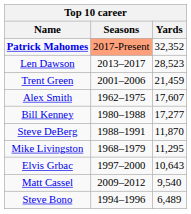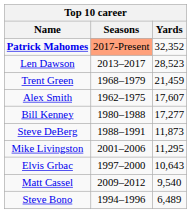 <table class="wikitable" style="text-align:center">
 <tr>
 <th colspan="3"><strong>Top 10 career</strong></th>
 </tr>
 <tr>
 <th><strong>Name</strong></th>
 <th><strong>Seasons</strong></th>
 <th><strong>Yards</strong></th>
 </tr>
 <tr>
 <td><strong><a href='#'>Patrick Mahomes</a></strong></td>
 <td style="background: lightsalmon;">2017-Present</td>
 <td>32,352</td>
 </tr>
 <tr>
 <td><a href='#'>Len Dawson</a></td>
 <td>2013–2017</td>
 <td>28,523</td>
 </tr>
 <tr>
 <td><a href='#'>Trent Green</a></td>
-<td>2001–2006</td>
+<td>1968–1979</td>
 <td>21,459</td>
 </tr>
 <tr>
 <td><a href='#'>Alex Smith</a></td>
 <td>1962–1975</td>
 <td>17,607</td>
 </tr>
 <tr>
 <td><a href='#'>Bill Kenney</a></td>
 <td>1980–1988</td>
 <td>17,277</td>
 </tr>
 <tr>
 <td><a href='#'>Steve DeBerg</a></td>
 <td>1988–1991</td>
-<td>11,870</td>
+<td>11,873</td>
 </tr>
 <tr>
 <td><a href='#'>Mike Livingston</a></td>
-<td>1968–1979</td>
+<td>2001–2006</td>
 <td>11,295</td>
 </tr>
 <tr>
 <td><a href='#'>Elvis Grbac</a></td>
 <td>1997–2000</td>
 <td>10,643</td>
 </tr>
 <tr>
 <td><a href='#'>Matt Cassel</a></td>
 <td>2009–2012</td>
 <td>9,540</td>
 </tr>
 <tr>
 <td><a href='#'>Steve Bono</a></td>
 <td>1994–1996</td>
 <td>6,489</td>
 </tr>
 </table>
